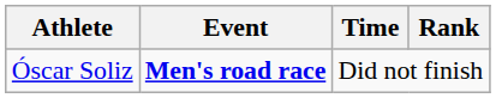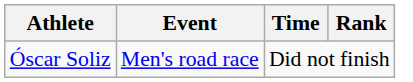 <table class="wikitable" style="font-size:90%">
 <tr>
 <th>Athlete</th>
 <th>Event</th>
 <th>Time</th>
 <th>Rank</th>
 </tr>
 <tr align=center>
 <td align=left><a href='#'>Óscar Soliz</a></td>
-<td align=left><strong><a href='#'>Men's road race</a></strong></td>
+<td align=left><a href='#'>Men's road race</a></td>
 <td colspan=2>Did not finish</td>
 </tr>
 </table>
